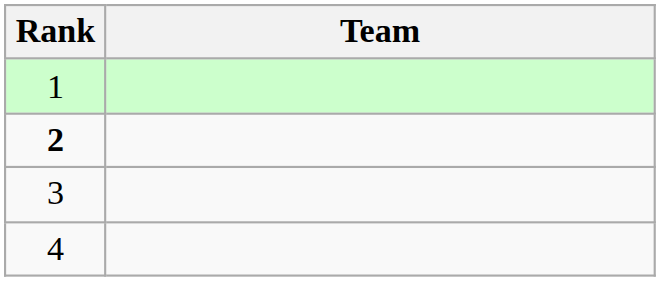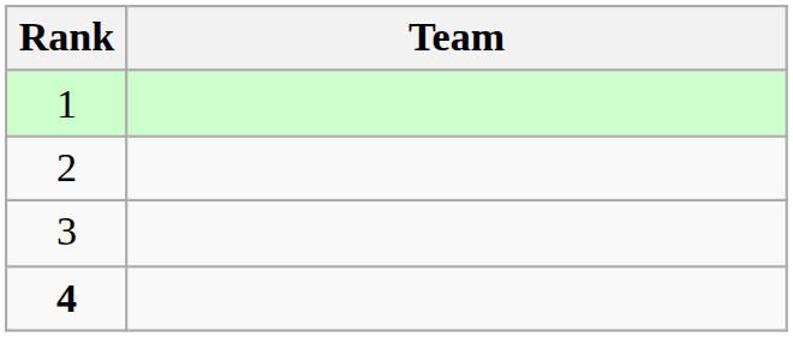 <table class="wikitable" style="text-align: center;">
 <tr>
 <th width=40>Rank</th>
 <th width=250>Team</th>
 </tr>
 <tr bgcolor=#ccffcc>
 <td>1</td>
 <td align=left></td>
 </tr>
 <tr>
-<td><strong>2</strong></td>
+<td>2</td>
 <td align=left></td>
 </tr>
 <tr>
 <td>3</td>
 <td align=left></td>
 </tr>
 <tr>
-<td>4</td>
+<td><strong>4</strong></td>
 <td align=left></td>
 </tr>
 </table>
